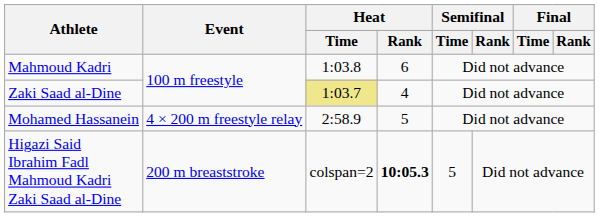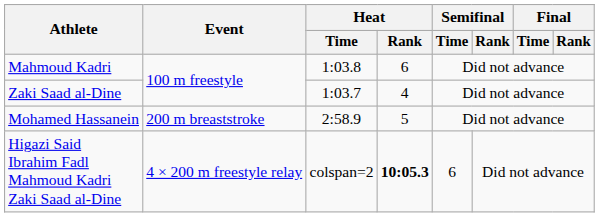 <table class=wikitable style="font-size:90%;">
 <tr>
 <th rowspan=2>Athlete</th>
 <th rowspan=2>Event</th>
 <th colspan=2>Heat</th>
 <th colspan=2>Semifinal</th>
 <th colspan=2>Final</th>
 </tr>
 <tr style="font-size:95%">
 <th>Time</th>
 <th>Rank</th>
 <th>Time</th>
 <th>Rank</th>
 <th>Time</th>
 <th>Rank</th>
 </tr>
 <tr align=center>
 <td align=left><a href='#'>Mahmoud Kadri</a></td>
 <td rowspan=2 align=left><a href='#'>100 m freestyle</a></td>
 <td>1:03.8</td>
 <td>6</td>
 <td colspan=4>Did not advance</td>
 </tr>
 <tr align=center>
 <td align=left><a href='#'>Zaki Saad al-Dine</a></td>
-<td style="background: khaki;">1:03.7</td>
+<td>1:03.7</td>
 <td>4</td>
 <td colspan=4>Did not advance</td>
 </tr>
 <tr align=center>
 <td align=left><a href='#'>Mohamed Hassanein</a></td>
-<td align=left><a href='#'>4 × 200 m freestyle relay</a></td>
+<td align=left><a href='#'>200 m breaststroke</a></td>
 <td>2:58.9</td>
 <td>5</td>
 <td colspan=4>Did not advance</td>
 </tr>
 <tr align=center>
 <td align=left><a href='#'>Higazi Said</a><br><a href='#'>Ibrahim Fadl</a><br><a href='#'>Mahmoud Kadri</a><br><a href='#'>Zaki Saad al-Dine</a></td>
-<td align=left><a href='#'>200 m breaststroke</a></td>
+<td align=left><a href='#'>4 × 200 m freestyle relay</a></td>
 <td>colspan=2 </td>
 <td><strong>10:05.3</strong></td>
-<td>5</td>
+<td>6</td>
 <td colspan=4>Did not advance</td>
 </tr>
 </table>
